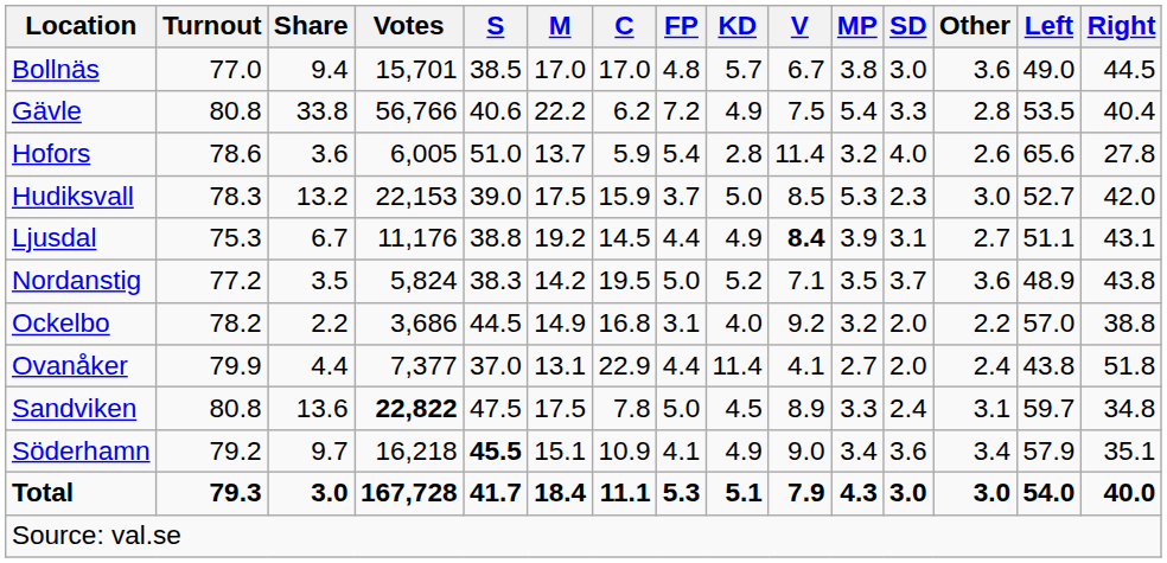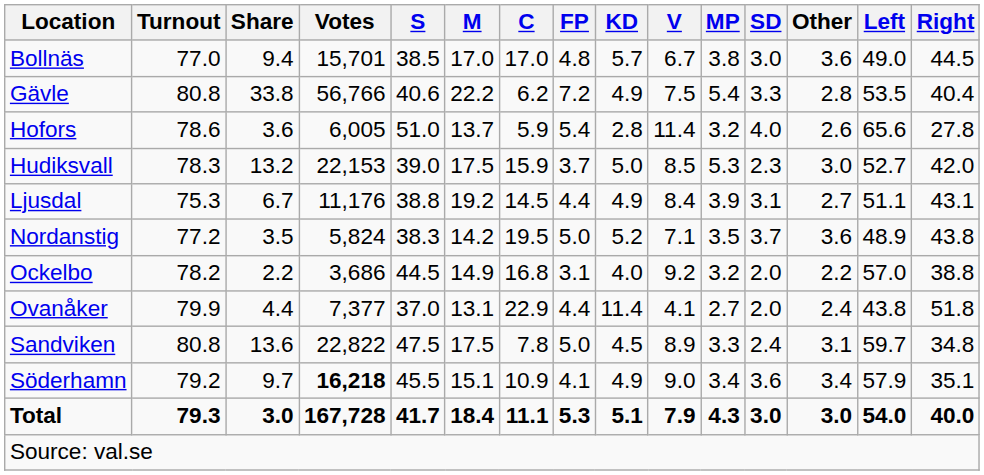 <table class="wikitable sortable" style=text-align:right>
 <tr>
 <th>Location</th>
 <th>Turnout</th>
 <th>Share</th>
 <th>Votes</th>
 <th><a href='#'>S</a></th>
 <th><a href='#'>M</a></th>
 <th><a href='#'>C</a></th>
 <th><a href='#'>FP</a></th>
 <th><a href='#'>KD</a></th>
 <th><a href='#'>V</a></th>
 <th><a href='#'>MP</a></th>
 <th><a href='#'>SD</a></th>
 <th>Other</th>
 <th><a href='#'>Left</a></th>
 <th><a href='#'>Right</a></th>
 </tr>
 <tr>
 <td align=left><a href='#'>Bollnäs</a></td>
 <td>77.0</td>
 <td>9.4</td>
 <td>15,701</td>
 <td>38.5</td>
 <td>17.0</td>
 <td>17.0</td>
 <td>4.8</td>
 <td>5.7</td>
 <td>6.7</td>
 <td>3.8</td>
 <td>3.0</td>
 <td>3.6</td>
 <td>49.0</td>
 <td>44.5</td>
 </tr>
 <tr>
 <td align=left><a href='#'>Gävle</a></td>
 <td>80.8</td>
 <td>33.8</td>
 <td>56,766</td>
 <td>40.6</td>
 <td>22.2</td>
 <td>6.2</td>
 <td>7.2</td>
 <td>4.9</td>
 <td>7.5</td>
 <td>5.4</td>
 <td>3.3</td>
 <td>2.8</td>
 <td>53.5</td>
 <td>40.4</td>
 </tr>
 <tr>
 <td align=left><a href='#'>Hofors</a></td>
 <td>78.6</td>
 <td>3.6</td>
 <td>6,005</td>
 <td>51.0</td>
 <td>13.7</td>
 <td>5.9</td>
 <td>5.4</td>
 <td>2.8</td>
 <td>11.4</td>
 <td>3.2</td>
 <td>4.0</td>
 <td>2.6</td>
 <td>65.6</td>
 <td>27.8</td>
 </tr>
 <tr>
 <td align=left><a href='#'>Hudiksvall</a></td>
 <td>78.3</td>
 <td>13.2</td>
 <td>22,153</td>
 <td>39.0</td>
 <td>17.5</td>
 <td>15.9</td>
 <td>3.7</td>
 <td>5.0</td>
 <td>8.5</td>
 <td>5.3</td>
 <td>2.3</td>
 <td>3.0</td>
 <td>52.7</td>
 <td>42.0</td>
 </tr>
 <tr>
 <td align=left><a href='#'>Ljusdal</a></td>
 <td>75.3</td>
 <td>6.7</td>
 <td>11,176</td>
 <td>38.8</td>
 <td>19.2</td>
 <td>14.5</td>
 <td>4.4</td>
 <td>4.9</td>
-<td><strong>8.4</strong></td>
+<td>8.4</td>
 <td>3.9</td>
 <td>3.1</td>
 <td>2.7</td>
 <td>51.1</td>
 <td>43.1</td>
 </tr>
 <tr>
 <td align=left><a href='#'>Nordanstig</a></td>
 <td>77.2</td>
 <td>3.5</td>
 <td>5,824</td>
 <td>38.3</td>
 <td>14.2</td>
 <td>19.5</td>
 <td>5.0</td>
 <td>5.2</td>
 <td>7.1</td>
 <td>3.5</td>
 <td>3.7</td>
 <td>3.6</td>
 <td>48.9</td>
 <td>43.8</td>
 </tr>
 <tr>
 <td align=left><a href='#'>Ockelbo</a></td>
 <td>78.2</td>
 <td>2.2</td>
 <td>3,686</td>
 <td>44.5</td>
 <td>14.9</td>
 <td>16.8</td>
 <td>3.1</td>
 <td>4.0</td>
 <td>9.2</td>
 <td>3.2</td>
 <td>2.0</td>
 <td>2.2</td>
 <td>57.0</td>
 <td>38.8</td>
 </tr>
 <tr>
 <td align=left><a href='#'>Ovanåker</a></td>
 <td>79.9</td>
 <td>4.4</td>
 <td>7,377</td>
 <td>37.0</td>
 <td>13.1</td>
 <td>22.9</td>
 <td>4.4</td>
 <td>11.4</td>
 <td>4.1</td>
 <td>2.7</td>
 <td>2.0</td>
 <td>2.4</td>
 <td>43.8</td>
 <td>51.8</td>
 </tr>
 <tr>
 <td align=left><a href='#'>Sandviken</a></td>
 <td>80.8</td>
 <td>13.6</td>
-<td><strong>22,822</strong></td>
+<td>22,822</td>
 <td>47.5</td>
 <td>17.5</td>
 <td>7.8</td>
 <td>5.0</td>
 <td>4.5</td>
 <td>8.9</td>
 <td>3.3</td>
 <td>2.4</td>
 <td>3.1</td>
 <td>59.7</td>
 <td>34.8</td>
 </tr>
 <tr>
 <td align=left><a href='#'>Söderhamn</a></td>
 <td>79.2</td>
 <td>9.7</td>
-<td>16,218</td>
-<td><strong>45.5</strong></td>
+<td><strong>16,218</strong></td>
+<td>45.5</td>
 <td>15.1</td>
 <td>10.9</td>
 <td>4.1</td>
 <td>4.9</td>
 <td>9.0</td>
 <td>3.4</td>
 <td>3.6</td>
 <td>3.4</td>
 <td>57.9</td>
 <td>35.1</td>
 </tr>
 <tr>
 <td align=left><strong>Total</strong></td>
 <td><strong>79.3</strong></td>
 <td><strong>3.0</strong></td>
 <td><strong>167,728</strong></td>
 <td><strong>41.7</strong></td>
 <td><strong>18.4</strong></td>
 <td><strong>11.1</strong></td>
 <td><strong>5.3</strong></td>
 <td><strong>5.1</strong></td>
 <td><strong>7.9</strong></td>
 <td><strong>4.3</strong></td>
 <td><strong>3.0</strong></td>
 <td><strong>3.0</strong></td>
 <td><strong>54.0</strong></td>
 <td><strong>40.0</strong></td>
 </tr>
 <tr>
 <td align=left colspan=15>Source: val.se </td>
 </tr>
 </table>
